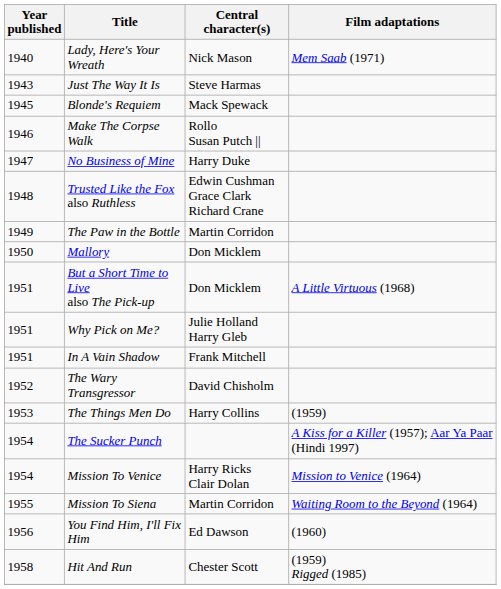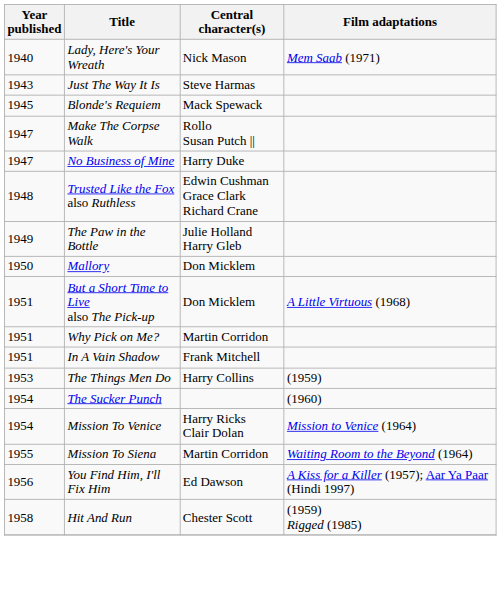 <table class="wikitable">
 <tr>
 <th>Year<br>published</th>
 <th>Title</th>
 <th>Central character(s)</th>
 <th>Film adaptations</th>
 </tr>
 <tr>
 <td>1940</td>
 <td><em>Lady, Here's Your Wreath</em></td>
 <td>Nick Mason</td>
 <td><em><a href='#'>Mem Saab</a></em> (1971)</td>
 </tr>
 <tr>
 <td>1943</td>
 <td><em>Just The Way It Is</em></td>
 <td>Steve Harmas</td>
 <td></td>
 </tr>
 <tr>
 <td>1945</td>
 <td><em>Blonde's Requiem</em></td>
 <td>Mack Spewack</td>
 <td></td>
 </tr>
 <tr>
-<td>1946</td>
+<td>1947</td>
 <td><em>Make The Corpse Walk</em></td>
 <td>Rollo<br>Susan Putch ||</td>
 </tr>
 <tr>
 <td>1947</td>
 <td><em><a href='#'>No Business of Mine</a></em></td>
 <td>Harry Duke</td>
 <td></td>
 </tr>
 <tr>
 <td>1948</td>
 <td><em><a href='#'>Trusted Like the Fox</a></em><br>also <em>Ruthless</em></td>
 <td>Edwin Cushman<br>Grace Clark<br>Richard Crane</td>
 <td></td>
 </tr>
 <tr>
 <td>1949</td>
 <td><em>The Paw in the Bottle</em></td>
-<td>Martin Corridon</td>
+<td>Julie Holland<br>Harry Gleb</td>
 <td></td>
 </tr>
 <tr>
 <td>1950</td>
 <td><em><a href='#'>Mallory</a></em></td>
 <td>Don Micklem</td>
 <td></td>
 </tr>
 <tr>
 <td>1951</td>
 <td><em><a href='#'>But a Short Time to Live</a></em><br>also <em>The Pick-up</em></td>
 <td>Don Micklem</td>
 <td><em><a href='#'>A Little Virtuous</a></em> (1968)</td>
 </tr>
 <tr>
 <td>1951</td>
 <td><em>Why Pick on Me?</em></td>
-<td>Julie Holland<br>Harry Gleb</td>
+<td>Martin Corridon</td>
 <td></td>
 </tr>
 <tr>
 <td>1951</td>
 <td><em>In A Vain Shadow</em></td>
 <td>Frank Mitchell</td>
-<td></td>
-</tr>
-<tr>
-<td>1952</td>
-<td><em>The Wary Transgressor</em></td>
-<td>David Chisholm</td>
 <td></td>
 </tr>
 <tr>
 <td>1953</td>
 <td><em>The Things Men Do</em></td>
 <td>Harry Collins</td>
 <td><em></em> (1959)</td>
 </tr>
 <tr>
 <td>1954</td>
 <td><em><a href='#'>The Sucker Punch</a></em></td>
 <td></td>
-<td><em><a href='#'>A Kiss for a Killer</a></em> (1957); <a href='#'>Aar Ya Paar</a> (Hindi 1997)</td>
+<td><em></em> (1960)</td>
 </tr>
 <tr>
 <td>1954</td>
 <td><em>Mission To Venice</em></td>
 <td>Harry Ricks<br>Clair Dolan</td>
 <td><em><a href='#'>Mission to Venice</a></em> (1964)</td>
 </tr>
 <tr>
 <td>1955</td>
 <td><em>Mission To Siena</em></td>
 <td>Martin Corridon</td>
 <td><em><a href='#'>Waiting Room to the Beyond</a></em> (1964)</td>
 </tr>
 <tr>
 <td>1956</td>
 <td><em>You Find Him, I'll Fix Him</em></td>
 <td>Ed Dawson</td>
-<td><em></em> (1960)</td>
+<td><em><a href='#'>A Kiss for a Killer</a></em> (1957); <a href='#'>Aar Ya Paar</a> (Hindi 1997)</td>
 </tr>
 <tr>
 <td>1958</td>
 <td><em>Hit And Run</em></td>
 <td>Chester Scott</td>
 <td><em></em> (1959) <br> <em>Rigged</em> (1985)</td>
 </tr>
 <tr>
 </tr>
 </table>
